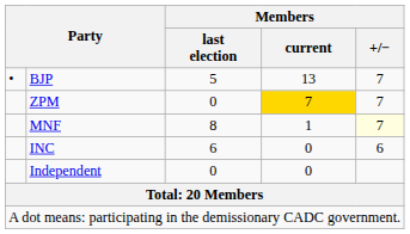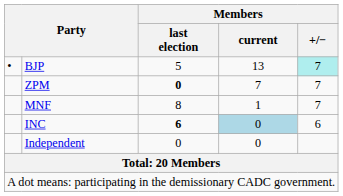 <table class="wikitable">
 <tr>
 <th colspan="2" rowspan="2">Party</th>
 <th colspan="3">Members</th>
 </tr>
 <tr>
 <th>last<br>election</th>
 <th>current</th>
 <th>+/−</th>
 </tr>
 <tr>
 <td><span>•</span></td>
 <td><a href='#'>BJP</a></td>
 <td align="center">5</td>
 <td align="center">13</td>
-<td align="center">7</td>
+<td align="center" style="background: paleturquoise;">7</td>
 </tr>
 <tr>
 <td></td>
 <td><a href='#'>ZPM</a></td>
-<td align="center">0</td>
-<td align="center" style="background: gold;">7</td>
+<td align="center"><strong>0</strong></td>
+<td align="center">7</td>
 <td align="center">7</td>
 </tr>
 <tr>
 <td></td>
 <td><a href='#'>MNF</a></td>
 <td align="center">8</td>
 <td align="center">1</td>
-<td align="center" style="background: lightyellow;">7</td>
+<td align="center">7</td>
 </tr>
 <tr>
 <td></td>
 <td><a href='#'>INC</a></td>
-<td align="center">6</td>
-<td align="center">0</td>
+<td align="center"><strong>6</strong></td>
+<td align="center" style="background: lightblue;">0</td>
 <td align="center">6</td>
 </tr>
 <tr>
 <td></td>
 <td><a href='#'>Independent</a></td>
 <td align="center">0</td>
 <td align="center">0</td>
 <td align="center"></td>
 </tr>
 <tr>
 <th colspan="5">Total: 20 Members</th>
 </tr>
 <tr>
 <td colspan="5">A dot means: participating in the demissionary CADC government.</td>
 </tr>
 </table>
